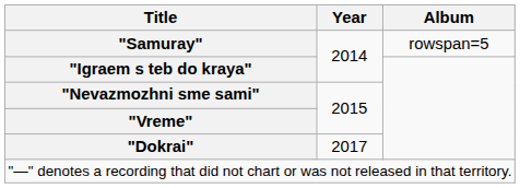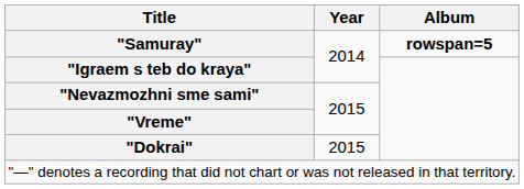 <table class="wikitable plainrowheaders" style="text-align:center;">
 <tr>
 <th scope="col" rowspan="1">Title</th>
 <th scope="col" rowspan="1">Year</th>
 <th scope="col" rowspan="1">Album</th>
 </tr>
 <tr>
 <th scope="row">"Samuray"</th>
 <td rowspan="2">2014</td>
-<td>rowspan=5 </td>
+<td><strong>rowspan=5 </strong></td>
 </tr>
 <tr>
 <th scope="row">"Igraem s teb do kraya" <br></th>
 </tr>
 <tr>
 <th scope="row">"Nevazmozhni sme sami"</th>
 <td rowspan="2">2015</td>
 </tr>
 <tr>
 <th scope="row">"Vreme" <br></th>
 </tr>
 <tr>
 <th scope="row">"Dokrai"</th>
-<td rowspan="1">2017</td>
+<td rowspan="1">2015</td>
 </tr>
 <tr>
 <td colspan="13" style="font-size:90%">"—" denotes a recording that did not chart or was not released in that territory.</td>
 </tr>
 </table>
